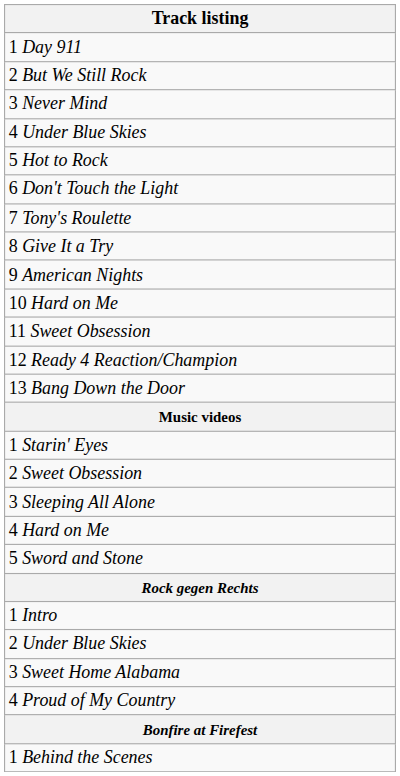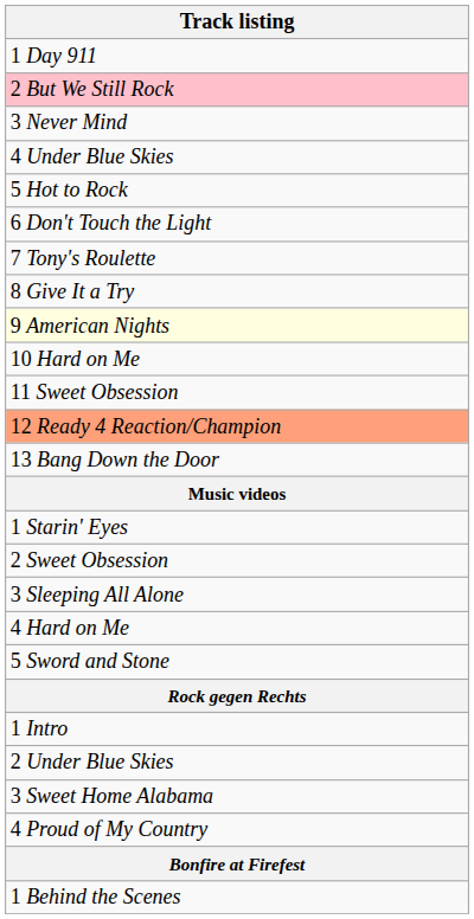 <table class="wikitable collapsible" style="width:350px;">
 <tr>
 <th>Track listing</th>
 </tr>
 <tr>
 <td>1 <em>Day 911</em></td>
 </tr>
 <tr>
-<td>2 <em>But We Still Rock</em></td>
+<td style="background: pink;">2 <em>But We Still Rock</em></td>
 </tr>
 <tr>
 <td>3 <em>Never Mind</em></td>
 </tr>
 <tr>
 <td>4 <em>Under Blue Skies</em></td>
 </tr>
 <tr>
 <td>5 <em>Hot to Rock</em></td>
 </tr>
 <tr>
 <td>6 <em>Don't Touch the Light</em></td>
 </tr>
 <tr>
 <td>7 <em>Tony's Roulette</em></td>
 </tr>
 <tr>
 <td>8 <em>Give It a Try</em></td>
 </tr>
 <tr>
-<td>9 <em>American Nights</em></td>
+<td style="background: lightyellow;">9 <em>American Nights</em></td>
 </tr>
 <tr>
 <td>10 <em>Hard on Me</em></td>
 </tr>
 <tr>
 <td>11 <em>Sweet Obsession</em></td>
 </tr>
 <tr>
-<td>12 <em>Ready 4 Reaction/Champion</em></td>
+<td style="background: lightsalmon;">12 <em>Ready 4 Reaction/Champion</em></td>
 </tr>
 <tr>
 <td>13 <em>Bang Down the Door</em></td>
 </tr>
 <tr>
 <th><small>Music videos</small></th>
 </tr>
 <tr>
 <td>1 <em>Starin' Eyes</em></td>
 </tr>
 <tr>
 <td>2 <em>Sweet Obsession</em></td>
 </tr>
 <tr>
 <td>3 <em>Sleeping All Alone</em></td>
 </tr>
 <tr>
 <td>4 <em>Hard on Me</em></td>
 </tr>
 <tr>
 <td>5 <em>Sword and Stone</em></td>
 </tr>
 <tr>
 <th><small><em>Rock gegen Rechts</em></small></th>
 </tr>
 <tr>
 <td>1 <em>Intro</em></td>
 </tr>
 <tr>
 <td>2 <em>Under Blue Skies</em></td>
 </tr>
 <tr>
 <td>3 <em>Sweet Home Alabama</em></td>
 </tr>
 <tr>
 <td>4 <em>Proud of My Country</em></td>
 </tr>
 <tr>
 <th><small><em>Bonfire at Firefest</em></small></th>
 </tr>
 <tr>
 <td>1 <em>Behind the Scenes</em></td>
 </tr>
 </table>
